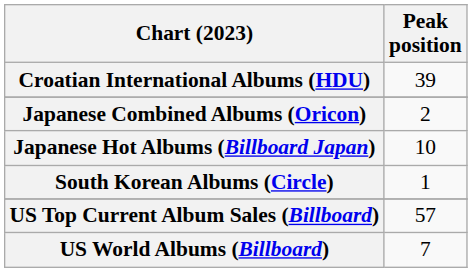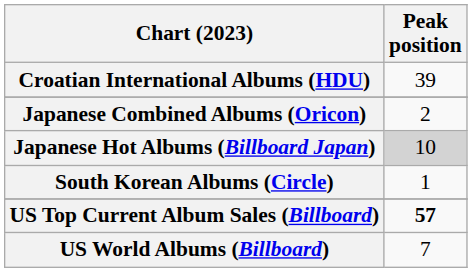 <table class="wikitable plainrowheaders sortable" style="text-align:center">
 <tr>
 <th scope="col">Chart (2023)</th>
 <th scope="col">Peak<br>position</th>
 </tr>
 <tr>
 <th scope="row">Croatian International Albums (<a href='#'>HDU</a>)</th>
 <td>39</td>
 </tr>
 <tr>
 </tr>
 <tr>
 <th scope="row">Japanese Combined Albums (<a href='#'>Oricon</a>)</th>
 <td>2</td>
 </tr>
 <tr>
 <th scope="row">Japanese Hot Albums (<em><a href='#'>Billboard Japan</a></em>)</th>
-<td>10</td>
+<td style="background: lightgrey;">10</td>
 </tr>
 <tr>
 <th scope="row">South Korean Albums (<a href='#'>Circle</a>)</th>
 <td>1</td>
 </tr>
 <tr>
 </tr>
 <tr>
 <th scope="row">US Top Current Album Sales (<em><a href='#'>Billboard</a></em>)</th>
-<td>57</td>
+<td><strong>57</strong></td>
 </tr>
 <tr>
 <th scope="row">US World Albums (<em><a href='#'>Billboard</a></em>)</th>
 <td>7</td>
 </tr>
 </table>
